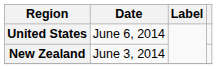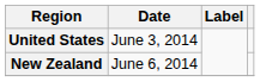 <table class="wikitable plainrowheaders">
 <tr>
 <th scope="col">Region</th>
 <th scope="col">Date</th>
 <th scope="col">Label</th>
 <th scope="col"></th>
 </tr>
 <tr>
 <th scope="row">United States</th>
-<td>June 6, 2014</td>
+<td>June 3, 2014</td>
 <td rowspan="2"></td>
 <td></td>
 </tr>
 <tr>
 <th scope="row">New Zealand</th>
-<td>June 3, 2014</td>
+<td>June 6, 2014</td>
 <td></td>
 </tr>
 <tr>
 </tr>
 </table>
